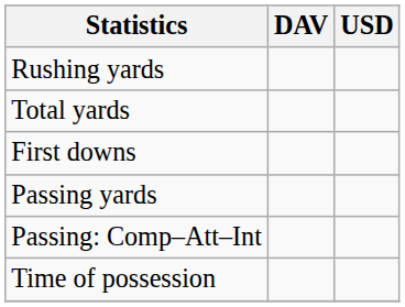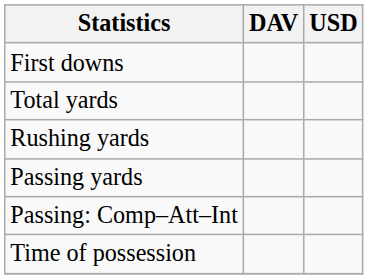 <table class="wikitable" style="float: left;">
 <tr>
 <th>Statistics</th>
 <th>DAV</th>
 <th>USD</th>
 </tr>
 <tr>
-<td>Rushing yards</td>
+<td>First downs</td>
 <td></td>
 <td></td>
 </tr>
 <tr>
 <td>Total yards</td>
 <td></td>
 <td></td>
 </tr>
 <tr>
-<td>First downs</td>
+<td>Rushing yards</td>
 <td></td>
 <td></td>
 </tr>
 <tr>
 <td>Passing yards</td>
 <td></td>
 <td></td>
 </tr>
 <tr>
 <td>Passing: Comp–Att–Int</td>
 <td></td>
 <td></td>
 </tr>
 <tr>
 <td>Time of possession</td>
 <td></td>
 <td></td>
 </tr>
 <tr>
 </tr>
 </table>
